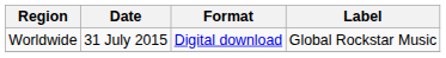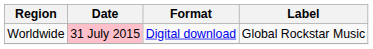 <table class=wikitable>
 <tr>
 <th>Region</th>
 <th>Date</th>
 <th>Format</th>
 <th>Label</th>
 </tr>
 <tr>
 <td>Worldwide</td>
-<td>31 July 2015</td>
+<td style="background: pink;">31 July 2015</td>
 <td><a href='#'>Digital download</a></td>
 <td>Global Rockstar Music</td>
 </tr>
 <tr>
 </tr>
 </table>
